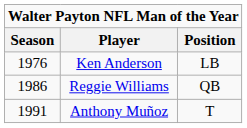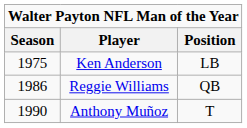 <table class="wikitable sortable" style="text-align:center">
 <tr>
 <td colspan="3"><strong>Walter Payton NFL Man of the Year</strong></td>
 </tr>
 <tr>
 <th>Season</th>
 <th>Player</th>
 <th>Position</th>
 </tr>
 <tr>
-<td>1976</td>
+<td>1975</td>
 <td><a href='#'>Ken Anderson</a></td>
 <td>LB</td>
 </tr>
 <tr>
 <td>1986</td>
 <td><a href='#'>Reggie Williams</a></td>
 <td>QB</td>
 </tr>
 <tr>
-<td>1991</td>
+<td>1990</td>
 <td><a href='#'>Anthony Muñoz</a></td>
 <td>T</td>
 </tr>
 </table>
